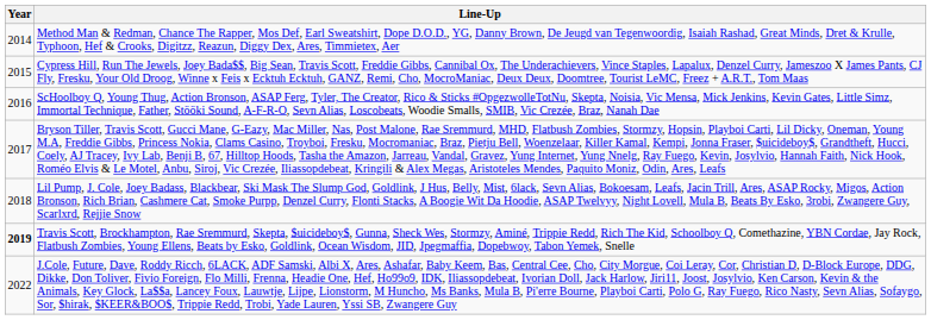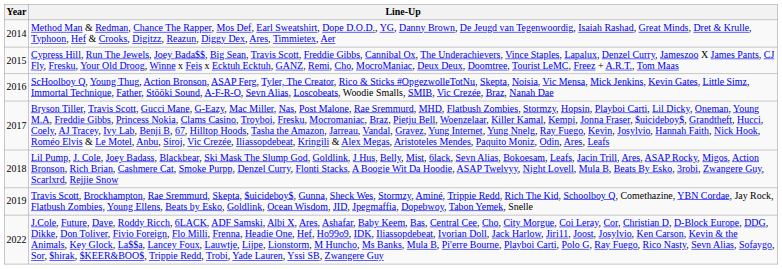 <table class="wikitable">
 <tr>
 <th>Year</th>
 <th>Line-Up</th>
 </tr>
 <tr>
 <td>2014</td>
 <td><a href='#'>Method Man</a> & <a href='#'>Redman</a>, <a href='#'>Chance The Rapper</a>, <a href='#'>Mos Def</a>, <a href='#'>Earl Sweatshirt</a>, <a href='#'>Dope D.O.D.</a>, <a href='#'>YG</a>, <a href='#'>Danny Brown</a>, <a href='#'>De Jeugd van Tegenwoordig</a>, <a href='#'>Isaiah Rashad</a>, <a href='#'>Great Minds</a>, <a href='#'>Dret & Krulle</a>, <a href='#'>Typhoon</a>, <a href='#'>Hef</a> & <a href='#'>Crooks</a>, <a href='#'>Digitzz</a>, <a href='#'>Reazun</a>, <a href='#'>Diggy Dex</a>, <a href='#'>Ares</a>, <a href='#'>Timmietex</a>, <a href='#'>Aer</a></td>
 </tr>
 <tr>
 <td>2015</td>
 <td><a href='#'>Cypress Hill</a>, <a href='#'>Run The Jewels</a>, <a href='#'>Joey Bada$$</a>, <a href='#'>Big Sean</a>, <a href='#'>Travis Scott</a>, <a href='#'>Freddie Gibbs</a>, <a href='#'>Cannibal Ox</a>, <a href='#'>The Underachievers</a>, <a href='#'>Vince Staples</a>, <a href='#'>Lapalux</a>, <a href='#'>Denzel Curry</a>, <a href='#'>Jameszoo</a> X <a href='#'>James Pants</a>, <a href='#'>CJ Fly</a>, <a href='#'>Fresku</a>, <a href='#'>Your Old Droog</a>, <a href='#'>Winne</a> x <a href='#'>Feis</a> x <a href='#'>Ecktuh Ecktuh</a>, <a href='#'>GANZ</a>, <a href='#'>Remi</a>, <a href='#'>Cho</a>, <a href='#'>MocroManiac</a>, <a href='#'>Deux Deux</a>, <a href='#'>Doomtree</a>, <a href='#'>Tourist LeMC</a>, <a href='#'>Freez</a> + <a href='#'>A.R.T.</a>, <a href='#'>Tom Maas</a></td>
 </tr>
 <tr>
 <td>2016</td>
 <td><a href='#'>ScHoolboy Q</a>, <a href='#'>Young Thug</a>, <a href='#'>Action Bronson</a>, <a href='#'>ASAP Ferg</a>, <a href='#'>Tyler, The Creator</a>, <a href='#'>Rico & Sticks #OpgezwolleTotNu</a>, <a href='#'>Skepta</a>, <a href='#'>Noisia</a>, <a href='#'>Vic Mensa</a>, <a href='#'>Mick Jenkins</a>, <a href='#'>Kevin Gates</a>, <a href='#'>Little Simz</a>, <a href='#'>Immortal Technique</a>, <a href='#'>Father</a>, <a href='#'>Stööki Sound</a>, <a href='#'>A-F-R-O</a>, <a href='#'>Sevn Alias</a>, <a href='#'>Loscobeats</a>, Woodie Smalls, <a href='#'>SMIB</a>, <a href='#'>Vic Crezée</a>, <a href='#'>Braz</a>, <a href='#'>Nanah Dae</a></td>
 </tr>
 <tr>
 <td>2017</td>
 <td><a href='#'>Bryson Tiller</a>, <a href='#'>Travis Scott</a>, <a href='#'>Gucci Mane</a>, <a href='#'>G-Eazy</a>, <a href='#'>Mac Miller</a>, <a href='#'>Nas</a>, <a href='#'>Post Malone</a>, <a href='#'>Rae Sremmurd</a>, <a href='#'>MHD</a>, <a href='#'>Flatbush Zombies</a>, <a href='#'>Stormzy</a>, <a href='#'>Hopsin</a>, <a href='#'>Playboi Carti</a>, <a href='#'>Lil Dicky</a>, <a href='#'>Oneman</a>, <a href='#'>Young M.A</a>, <a href='#'>Freddie Gibbs</a>, <a href='#'>Princess Nokia</a>, <a href='#'>Clams Casino</a>, <a href='#'>Troyboi</a>, <a href='#'>Fresku</a>, <a href='#'>Mocromaniac</a>, <a href='#'>Braz</a>, <a href='#'>Pietju Bell</a>, <a href='#'>Woenzelaar</a>, <a href='#'>Killer Kamal</a>, <a href='#'>Kempi</a>, <a href='#'>Jonna Fraser</a>, <a href='#'>$uicideboy$</a>, <a href='#'>Grandtheft</a>, <a href='#'>Hucci</a>, <a href='#'>Coely</a>, <a href='#'>AJ Tracey</a>, <a href='#'>Ivy Lab</a>, <a href='#'>Benji B</a>, <a href='#'>67</a>, <a href='#'>Hilltop Hoods</a>, <a href='#'>Tasha the Amazon</a>, <a href='#'>Jarreau</a>, <a href='#'>Vandal</a>, <a href='#'>Gravez</a>, <a href='#'>Yung Internet</a>, <a href='#'>Yung Nnelg</a>, <a href='#'>Ray Fuego</a>, <a href='#'>Kevin</a>, <a href='#'>Josylvio</a>, <a href='#'>Hannah Faith</a>, <a href='#'>Nick Hook</a>, <a href='#'>Roméo Elvis</a> & <a href='#'>Le Motel</a>, <a href='#'>Anbu</a>, <a href='#'>Siroj</a>, <a href='#'>Vic Crezée</a>, <a href='#'>Iliassopdebeat</a>, <a href='#'>Kringili</a> & <a href='#'>Alex Megas</a>, <a href='#'>Aristoteles Mendes</a>, <a href='#'>Paquito Moniz</a>, <a href='#'>Odin</a>, <a href='#'>Ares</a>, <a href='#'>Leafs</a></td>
 </tr>
 <tr>
 <td>2018</td>
 <td><a href='#'>Lil Pump</a>, <a href='#'>J. Cole</a>, <a href='#'>Joey Badass</a>, <a href='#'>Blackbear</a>, <a href='#'>Ski Mask The Slump God</a>, <a href='#'>Goldlink</a>, <a href='#'>J Hus</a>, <a href='#'>Belly</a>, <a href='#'>Mist</a>, <a href='#'>6lack</a>, <a href='#'>Sevn Alias</a>, <a href='#'>Bokoesam</a>, <a href='#'>Leafs</a>, <a href='#'>Jacin Trill</a>, <a href='#'>Ares</a>, <a href='#'>ASAP Rocky</a>, <a href='#'>Migos</a>, <a href='#'>Action Bronson</a>, <a href='#'>Rich Brian</a>, <a href='#'>Cashmere Cat</a>, <a href='#'>Smoke Purpp</a>, <a href='#'>Denzel Curry</a>, <a href='#'>Flonti Stacks</a>, <a href='#'>A Boogie Wit Da Hoodie</a>, <a href='#'>ASAP Twelvyy</a>, <a href='#'>Night Lovell</a>, <a href='#'>Mula B</a>, <a href='#'>Beats By Esko</a>, <a href='#'>3robi</a>, <a href='#'>Zwangere Guy</a>, <a href='#'>Scarlxrd</a>, <a href='#'>Rejjie Snow</a></td>
 </tr>
 <tr>
-<td><strong>2019</strong></td>
+<td>2019</td>
 <td><a href='#'>Travis Scott</a>, <a href='#'>Brockhampton</a>, <a href='#'>Rae Sremmurd</a>, <a href='#'>Skepta</a>, <a href='#'>$uicideboy$</a>, <a href='#'>Gunna</a>, <a href='#'>Sheck Wes</a>, <a href='#'>Stormzy</a>, <a href='#'>Aminé</a>, <a href='#'>Trippie Redd</a>, <a href='#'>Rich The Kid</a>, <a href='#'>Schoolboy Q</a>, Comethazine, <a href='#'>YBN Cordae</a>, Jay Rock, <a href='#'>Flatbush Zombies</a>, <a href='#'>Young Ellens</a>, <a href='#'>Beats by Esko</a>, <a href='#'>Goldlink</a>, <a href='#'>Ocean Wisdom</a>, <a href='#'>JID</a>, <a href='#'>Jpegmaffia</a>, <a href='#'>Dopebwoy</a>, <a href='#'>Tabon Yemek</a>, Snelle</td>
 </tr>
 <tr>
 <td>2022</td>
 <td><a href='#'>J.Cole</a>, <a href='#'>Future</a>, <a href='#'>Dave</a>, <a href='#'>Roddy Ricch</a>, <a href='#'>6LACK</a>, <a href='#'>ADF Samski</a>, <a href='#'>Albi X</a>, <a href='#'>Ares</a>, <a href='#'>Ashafar</a>, <a href='#'>Baby Keem</a>, <a href='#'>Bas</a>, <a href='#'>Central Cee</a>, <a href='#'>Cho</a>, <a href='#'>City Morgue</a>, <a href='#'>Coi Leray</a>, <a href='#'>Cor</a>, <a href='#'>Christian D</a>, <a href='#'>D-Block Europe</a>, <a href='#'>DDG</a>, <a href='#'>Dikke</a>, <a href='#'>Don Toliver</a>, <a href='#'>Fivio Foreign</a>, <a href='#'>Flo Milli</a>, <a href='#'>Frenna</a>, <a href='#'>Headie One</a>, <a href='#'>Hef</a>, <a href='#'>Ho99o9</a>, <a href='#'>IDK</a>, <a href='#'>Iliassopdebeat</a>, <a href='#'>Ivorian Doll</a>, <a href='#'>Jack Harlow</a>, <a href='#'>Jiri11</a>, <a href='#'>Joost</a>, <a href='#'>Josylvio</a>, <a href='#'>Ken Carson</a>, <a href='#'>Kevin & the Animals</a>, <a href='#'>Key Glock</a>, <a href='#'>La$$a</a>, <a href='#'>Lancey Foux</a>, <a href='#'>Lauwtje</a>, <a href='#'>Lijpe</a>, <a href='#'>Lionstorm</a>, <a href='#'>M Huncho</a>, <a href='#'>Ms Banks</a>, <a href='#'>Mula B</a>, <a href='#'>Pi'erre Bourne</a>, <a href='#'>Playboi Carti</a>, <a href='#'>Polo G</a>, <a href='#'>Ray Fuego</a>, <a href='#'>Rico Nasty</a>, <a href='#'>Sevn Alias</a>, <a href='#'>Sofaygo</a>, <a href='#'>Sor</a>, <a href='#'>$hirak</a>, <a href='#'>$KEER&BOO$</a>, <a href='#'>Trippie Redd</a>, <a href='#'>Trobi</a>, <a href='#'>Yade Lauren</a>, <a href='#'>Yssi SB</a>, <a href='#'>Zwangere Guy</a></td>
 </tr>
 </table>
